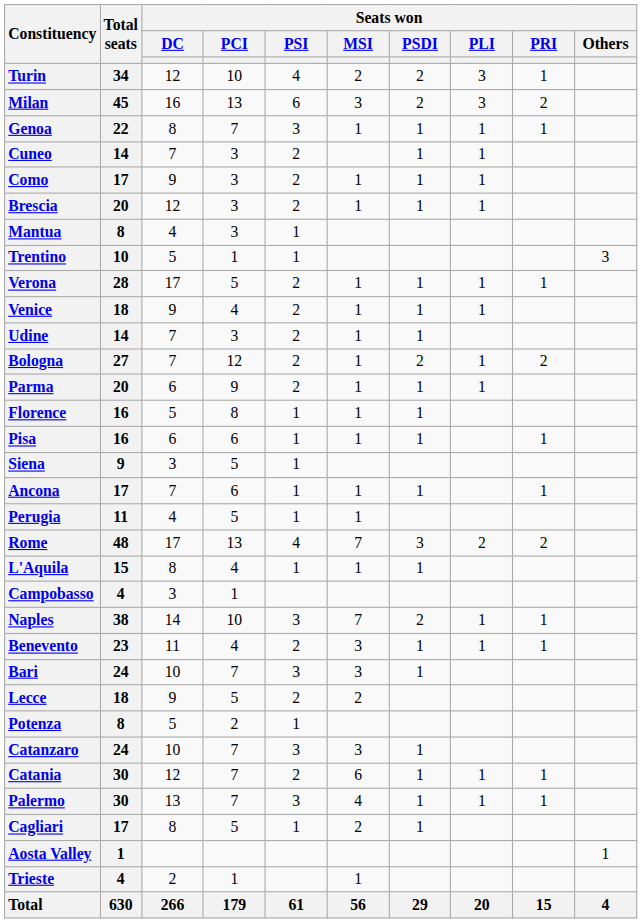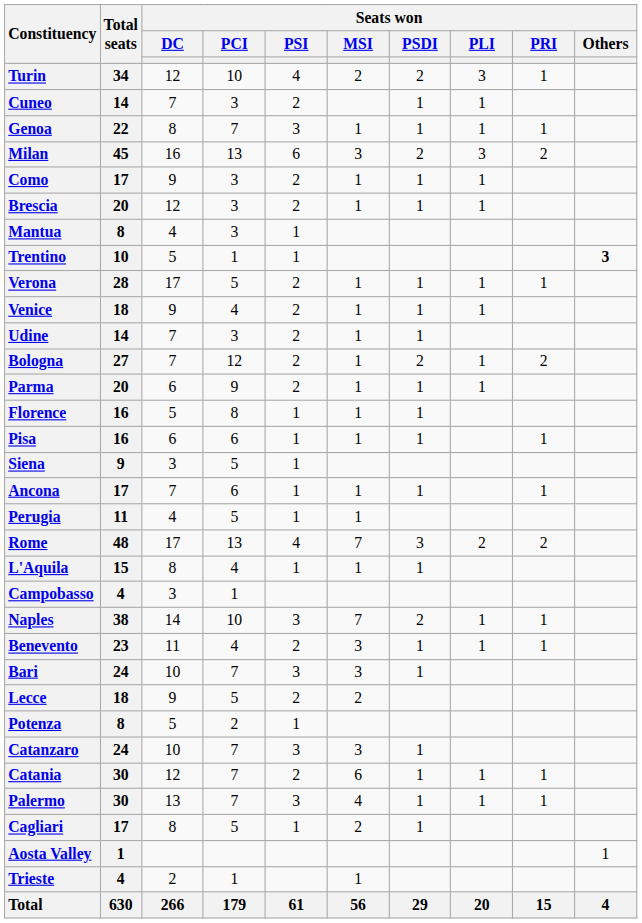 <table class="wikitable" style="text-align:center; font-size: 0.9em;">
 <tr>
 <th rowspan="3">Constituency</th>
 <th rowspan="3">Total<br>seats</th>
 <th colspan="8">Seats won</th>
 </tr>
 <tr>
 <th class="unsortable" style="width:50px;"><a href='#'>DC</a></th>
 <th class="unsortable" style="width:50px;"><a href='#'>PCI</a></th>
 <th class="unsortable" style="width:50px;"><a href='#'>PSI</a></th>
 <th class="unsortable" style="width:50px;"><a href='#'>MSI</a></th>
 <th class="unsortable" style="width:50px;"><a href='#'>PSDI</a></th>
 <th class="unsortable" style="width:50px;"><a href='#'>PLI</a></th>
 <th class="unsortable" style="width:50px;"><a href='#'>PRI</a></th>
 <th class="unsortable" style="width:50px;">Others</th>
 </tr>
 <tr>
 <th style="background:"></th>
 <th style="background:"></th>
 <th style="background:"></th>
 <th style="background:"></th>
 <th style="background:"></th>
 <th style="background:"></th>
 <th style="background:"></th>
 <th style="background:"></th>
 </tr>
 <tr>
 <th style="text-align: left;"><a href='#'>Turin</a></th>
 <th>34</th>
 <td>12</td>
 <td>10</td>
 <td>4</td>
 <td>2</td>
 <td>2</td>
 <td>3</td>
 <td>1</td>
 <td></td>
 </tr>
 <tr>
-<th style="text-align: left;"><a href='#'>Milan</a></th>
-<th>45</th>
-<td>16</td>
-<td>13</td>
-<td>6</td>
+<th style="text-align: left;"><a href='#'>Cuneo</a></th>
+<th>14</th>
+<td>7</td>
 <td>3</td>
 <td>2</td>
-<td>3</td>
-<td>2</td>
+<td></td>
+<td>1</td>
+<td>1</td>
+<td></td>
 <td></td>
 </tr>
 <tr>
 <th style="text-align: left;"><a href='#'>Genoa</a></th>
 <th>22</th>
 <td>8</td>
 <td>7</td>
 <td>3</td>
 <td>1</td>
 <td>1</td>
 <td>1</td>
 <td>1</td>
 <td></td>
 </tr>
 <tr>
-<th style="text-align: left;"><a href='#'>Cuneo</a></th>
-<th>14</th>
-<td>7</td>
+<th style="text-align: left;"><a href='#'>Milan</a></th>
+<th>45</th>
+<td>16</td>
+<td>13</td>
+<td>6</td>
 <td>3</td>
 <td>2</td>
-<td></td>
-<td>1</td>
-<td>1</td>
-<td></td>
+<td>3</td>
+<td>2</td>
 <td></td>
 </tr>
 <tr>
 <th style="text-align: left;"><a href='#'>Como</a></th>
 <th>17</th>
 <td>9</td>
 <td>3</td>
 <td>2</td>
 <td>1</td>
 <td>1</td>
 <td>1</td>
 <td></td>
 <td></td>
 </tr>
 <tr>
 <th style="text-align: left;"><a href='#'>Brescia</a></th>
 <th>20</th>
 <td>12</td>
 <td>3</td>
 <td>2</td>
 <td>1</td>
 <td>1</td>
 <td>1</td>
 <td></td>
 <td></td>
 </tr>
 <tr>
 <th style="text-align: left;"><a href='#'>Mantua</a></th>
 <th>8</th>
 <td>4</td>
 <td>3</td>
 <td>1</td>
 <td></td>
 <td></td>
 <td></td>
 <td></td>
 <td></td>
 </tr>
 <tr>
 <th style="text-align: left;"><a href='#'>Trentino</a></th>
 <th>10</th>
 <td>5</td>
 <td>1</td>
 <td>1</td>
 <td></td>
 <td></td>
 <td></td>
 <td></td>
-<td>3</td>
+<td><strong>3</strong></td>
 </tr>
 <tr>
 <th style="text-align: left;"><a href='#'>Verona</a></th>
 <th>28</th>
 <td>17</td>
 <td>5</td>
 <td>2</td>
 <td>1</td>
 <td>1</td>
 <td>1</td>
 <td>1</td>
 <td></td>
 </tr>
 <tr>
 <th style="text-align: left;"><a href='#'>Venice</a></th>
 <th>18</th>
 <td>9</td>
 <td>4</td>
 <td>2</td>
 <td>1</td>
 <td>1</td>
 <td>1</td>
 <td></td>
 <td></td>
 </tr>
 <tr>
 <th style="text-align: left;"><a href='#'>Udine</a></th>
 <th>14</th>
 <td>7</td>
 <td>3</td>
 <td>2</td>
 <td>1</td>
 <td>1</td>
 <td></td>
 <td></td>
 <td></td>
 </tr>
 <tr>
 <th style="text-align: left;"><a href='#'>Bologna</a></th>
 <th>27</th>
 <td>7</td>
 <td>12</td>
 <td>2</td>
 <td>1</td>
 <td>2</td>
 <td>1</td>
 <td>2</td>
 <td></td>
 </tr>
 <tr>
 <th style="text-align: left;"><a href='#'>Parma</a></th>
 <th>20</th>
 <td>6</td>
 <td>9</td>
 <td>2</td>
 <td>1</td>
 <td>1</td>
 <td>1</td>
 <td></td>
 <td></td>
 </tr>
 <tr>
 <th style="text-align: left;"><a href='#'>Florence</a></th>
 <th>16</th>
 <td>5</td>
 <td>8</td>
 <td>1</td>
 <td>1</td>
 <td>1</td>
 <td></td>
 <td></td>
 <td></td>
 </tr>
 <tr>
 <th style="text-align: left;"><a href='#'>Pisa</a></th>
 <th>16</th>
 <td>6</td>
 <td>6</td>
 <td>1</td>
 <td>1</td>
 <td>1</td>
 <td></td>
 <td>1</td>
 <td></td>
 </tr>
 <tr>
 <th style="text-align: left;"><a href='#'>Siena</a></th>
 <th>9</th>
 <td>3</td>
 <td>5</td>
 <td>1</td>
 <td></td>
 <td></td>
 <td></td>
 <td></td>
 <td></td>
 </tr>
 <tr>
 <th style="text-align: left;"><a href='#'>Ancona</a></th>
 <th>17</th>
 <td>7</td>
 <td>6</td>
 <td>1</td>
 <td>1</td>
 <td>1</td>
 <td></td>
 <td>1</td>
 <td></td>
 </tr>
 <tr>
 <th style="text-align: left;"><a href='#'>Perugia</a></th>
 <th>11</th>
 <td>4</td>
 <td>5</td>
 <td>1</td>
 <td>1</td>
 <td></td>
 <td></td>
 <td></td>
 <td></td>
 </tr>
 <tr>
 <th style="text-align: left;"><a href='#'>Rome</a></th>
 <th>48</th>
 <td>17</td>
 <td>13</td>
 <td>4</td>
 <td>7</td>
 <td>3</td>
 <td>2</td>
 <td>2</td>
 <td></td>
 </tr>
 <tr>
 <th style="text-align: left;"><a href='#'>L'Aquila</a></th>
 <th>15</th>
 <td>8</td>
 <td>4</td>
 <td>1</td>
 <td>1</td>
 <td>1</td>
 <td></td>
 <td></td>
 <td></td>
 </tr>
 <tr>
 <th style="text-align: left;"><a href='#'>Campobasso</a></th>
 <th>4</th>
 <td>3</td>
 <td>1</td>
 <td></td>
 <td></td>
 <td></td>
 <td></td>
 <td></td>
 <td></td>
 </tr>
 <tr>
 <th style="text-align: left;"><a href='#'>Naples</a></th>
 <th>38</th>
 <td>14</td>
 <td>10</td>
 <td>3</td>
 <td>7</td>
 <td>2</td>
 <td>1</td>
 <td>1</td>
 <td></td>
 </tr>
 <tr>
 <th style="text-align: left;"><a href='#'>Benevento</a></th>
 <th>23</th>
 <td>11</td>
 <td>4</td>
 <td>2</td>
 <td>3</td>
 <td>1</td>
 <td>1</td>
 <td>1</td>
 <td></td>
 </tr>
 <tr>
 <th style="text-align: left;"><a href='#'>Bari</a></th>
 <th>24</th>
 <td>10</td>
 <td>7</td>
 <td>3</td>
 <td>3</td>
 <td>1</td>
 <td></td>
 <td></td>
 <td></td>
 </tr>
 <tr>
 <th style="text-align: left;"><a href='#'>Lecce</a></th>
 <th>18</th>
 <td>9</td>
 <td>5</td>
 <td>2</td>
 <td>2</td>
 <td></td>
 <td></td>
 <td></td>
 <td></td>
 </tr>
 <tr>
 <th style="text-align: left;"><a href='#'>Potenza</a></th>
 <th>8</th>
 <td>5</td>
 <td>2</td>
 <td>1</td>
 <td></td>
 <td></td>
 <td></td>
 <td></td>
 <td></td>
 </tr>
 <tr>
 <th style="text-align: left;"><a href='#'>Catanzaro</a></th>
 <th>24</th>
 <td>10</td>
 <td>7</td>
 <td>3</td>
 <td>3</td>
 <td>1</td>
 <td></td>
 <td></td>
 <td></td>
 </tr>
 <tr>
 <th style="text-align: left;"><a href='#'>Catania</a></th>
 <th>30</th>
 <td>12</td>
 <td>7</td>
 <td>2</td>
 <td>6</td>
 <td>1</td>
 <td>1</td>
 <td>1</td>
 <td></td>
 </tr>
 <tr>
 <th style="text-align: left;"><a href='#'>Palermo</a></th>
 <th>30</th>
 <td>13</td>
 <td>7</td>
 <td>3</td>
 <td>4</td>
 <td>1</td>
 <td>1</td>
 <td>1</td>
 <td></td>
 </tr>
 <tr>
 <th style="text-align: left;"><a href='#'>Cagliari</a></th>
 <th>17</th>
 <td>8</td>
 <td>5</td>
 <td>1</td>
 <td>2</td>
 <td>1</td>
 <td></td>
 <td></td>
 <td></td>
 </tr>
 <tr>
 <th style="text-align: left;"><a href='#'>Aosta Valley</a></th>
 <th>1</th>
 <td></td>
 <td></td>
 <td></td>
 <td></td>
 <td></td>
 <td></td>
 <td></td>
 <td>1</td>
 </tr>
 <tr>
 <th style="text-align: left;"><a href='#'>Trieste</a></th>
 <th>4</th>
 <td>2</td>
 <td>1</td>
 <td></td>
 <td>1</td>
 <td></td>
 <td></td>
 <td></td>
 <td></td>
 </tr>
 <tr>
 <th style="text-align: left;">Total</th>
 <th>630</th>
 <th>266</th>
 <th>179</th>
 <th>61</th>
 <th>56</th>
 <th>29</th>
 <th>20</th>
 <th>15</th>
 <th>4</th>
 </tr>
 </table>
